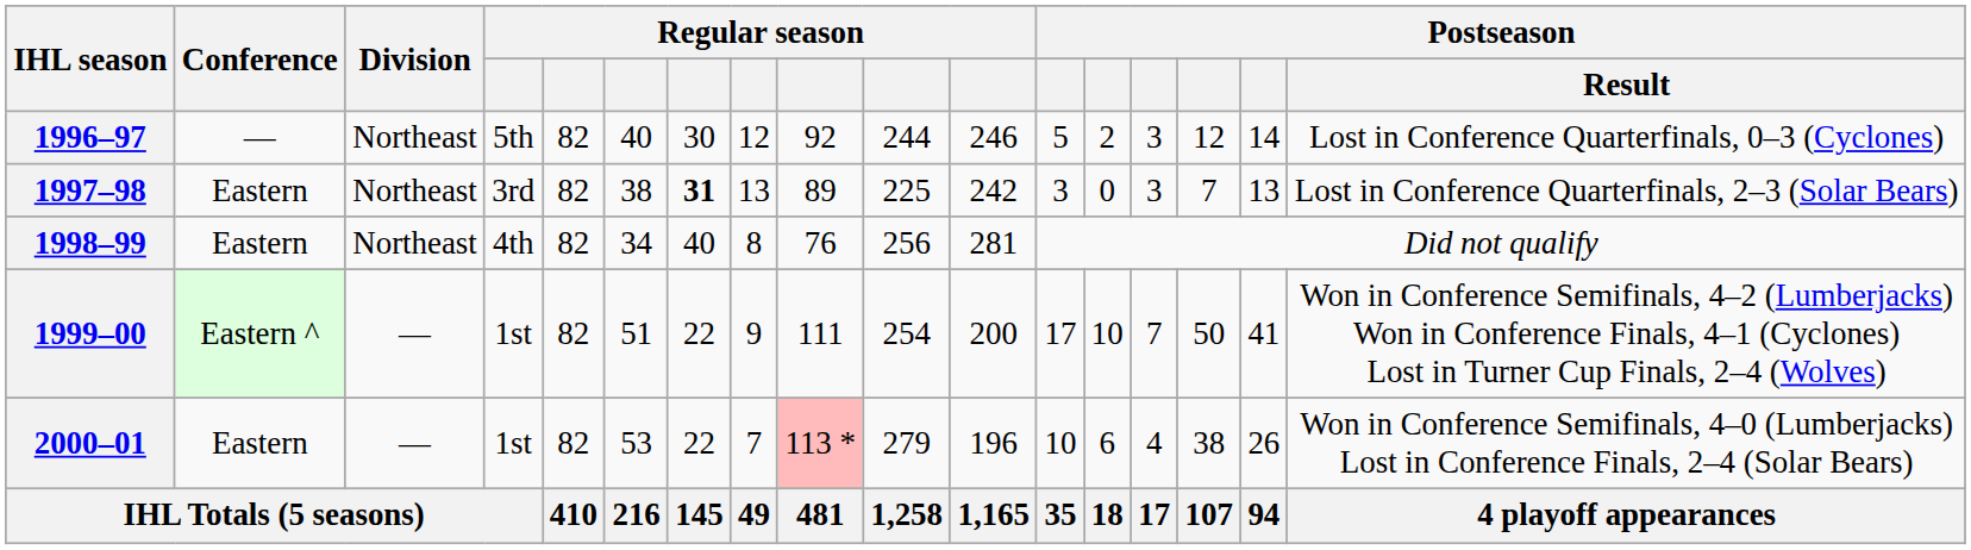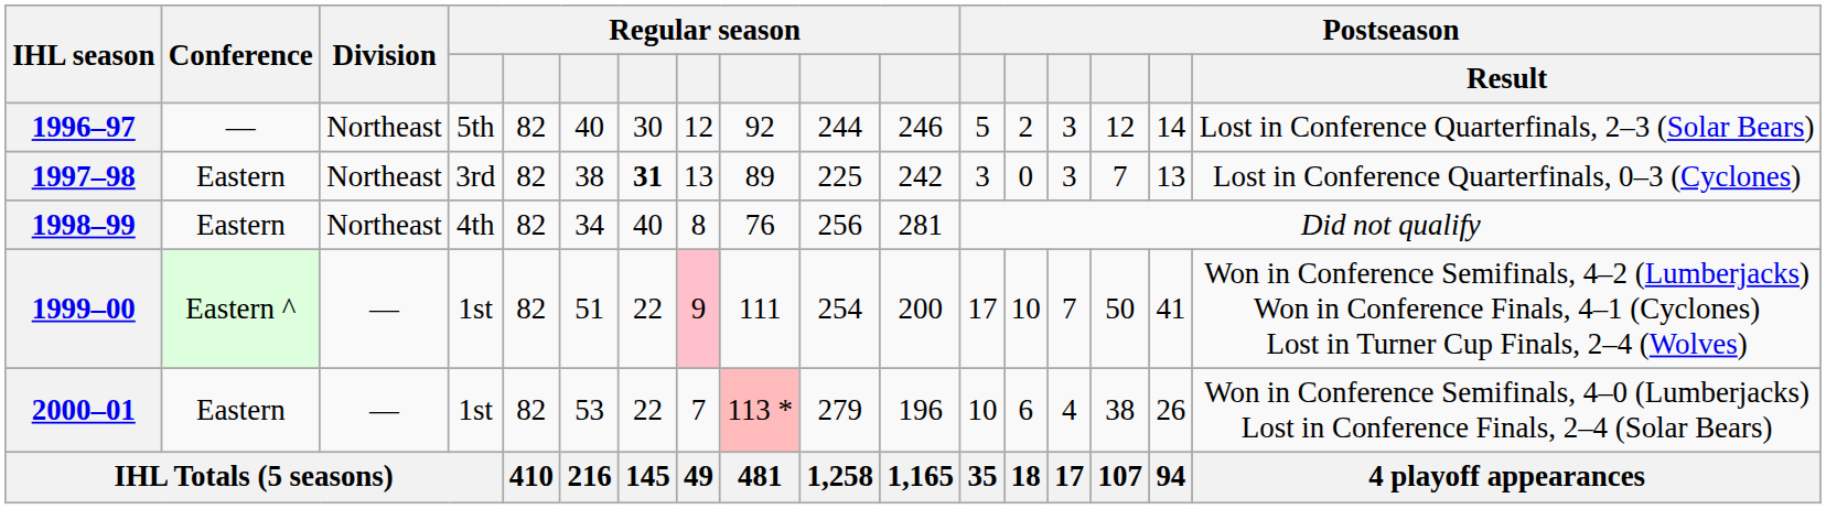 <table class="wikitable" style="text-align: center; font-size: 95%">
 <tr>
 <th rowspan="2">IHL season</th>
 <th rowspan="2">Conference</th>
 <th rowspan="2">Division</th>
 <th colspan="8">Regular season</th>
 <th colspan="6">Postseason</th>
 </tr>
 <tr>
 <th></th>
 <th></th>
 <th></th>
 <th></th>
 <th></th>
 <th></th>
 <th></th>
 <th></th>
 <th></th>
 <th></th>
 <th></th>
 <th></th>
 <th></th>
 <th>Result</th>
 </tr>
 <tr>
 <th><a href='#'>1996–97</a></th>
 <td>—</td>
 <td>Northeast</td>
 <td>5th</td>
 <td>82</td>
 <td>40</td>
 <td>30</td>
 <td>12</td>
 <td>92</td>
 <td>244</td>
 <td>246</td>
 <td>5</td>
 <td>2</td>
 <td>3</td>
 <td>12</td>
 <td>14</td>
-<td>Lost in Conference Quarterfinals, 0–3 (<a href='#'>Cyclones</a>)</td>
+<td>Lost in Conference Quarterfinals, 2–3 (<a href='#'>Solar Bears</a>)</td>
 </tr>
 <tr>
 <th><a href='#'>1997–98</a></th>
 <td>Eastern</td>
 <td>Northeast</td>
 <td>3rd</td>
 <td>82</td>
 <td>38</td>
 <td><strong>31</strong></td>
 <td>13</td>
 <td>89</td>
 <td>225</td>
 <td>242</td>
 <td>3</td>
 <td>0</td>
 <td>3</td>
 <td>7</td>
 <td>13</td>
-<td>Lost in Conference Quarterfinals, 2–3 (<a href='#'>Solar Bears</a>)</td>
+<td>Lost in Conference Quarterfinals, 0–3 (<a href='#'>Cyclones</a>)</td>
 </tr>
 <tr>
 <th><a href='#'>1998–99</a></th>
 <td>Eastern</td>
 <td>Northeast</td>
 <td>4th</td>
 <td>82</td>
 <td>34</td>
 <td>40</td>
 <td>8</td>
 <td>76</td>
 <td>256</td>
 <td>281</td>
 <td colspan="6"><em>Did not qualify</em></td>
 </tr>
 <tr>
 <th><a href='#'>1999–00</a></th>
 <td style="background: #ddffdd;">Eastern ^</td>
 <td>—</td>
 <td>1st</td>
 <td>82</td>
 <td>51</td>
 <td>22</td>
-<td>9</td>
+<td style="background: pink;">9</td>
 <td>111</td>
 <td>254</td>
 <td>200</td>
 <td>17</td>
 <td>10</td>
 <td>7</td>
 <td>50</td>
 <td>41</td>
 <td>Won in Conference Semifinals, 4–2 (<a href='#'>Lumberjacks</a>)<br>Won in Conference Finals, 4–1 (Cyclones)<br>Lost in Turner Cup Finals, 2–4 (<a href='#'>Wolves</a>)</td>
 </tr>
 <tr>
 <th><a href='#'>2000–01</a></th>
 <td>Eastern</td>
 <td>—</td>
 <td>1st</td>
 <td>82</td>
 <td>53</td>
 <td>22</td>
 <td>7</td>
 <td style="background: #ffbbbb;">113 *</td>
 <td>279</td>
 <td>196</td>
 <td>10</td>
 <td>6</td>
 <td>4</td>
 <td>38</td>
 <td>26</td>
 <td>Won in Conference Semifinals, 4–0 (Lumberjacks)<br>Lost in Conference Finals, 2–4 (Solar Bears)</td>
 </tr>
 <tr style="font-weight:bold;">
 <th colspan="4">IHL Totals (5 seasons)</th>
 <th>410</th>
 <th>216</th>
 <th>145</th>
 <th>49</th>
 <th>481</th>
 <th>1,258</th>
 <th>1,165</th>
 <th>35</th>
 <th>18</th>
 <th>17</th>
 <th>107</th>
 <th>94</th>
 <th>4 playoff appearances</th>
 </tr>
 </table>
